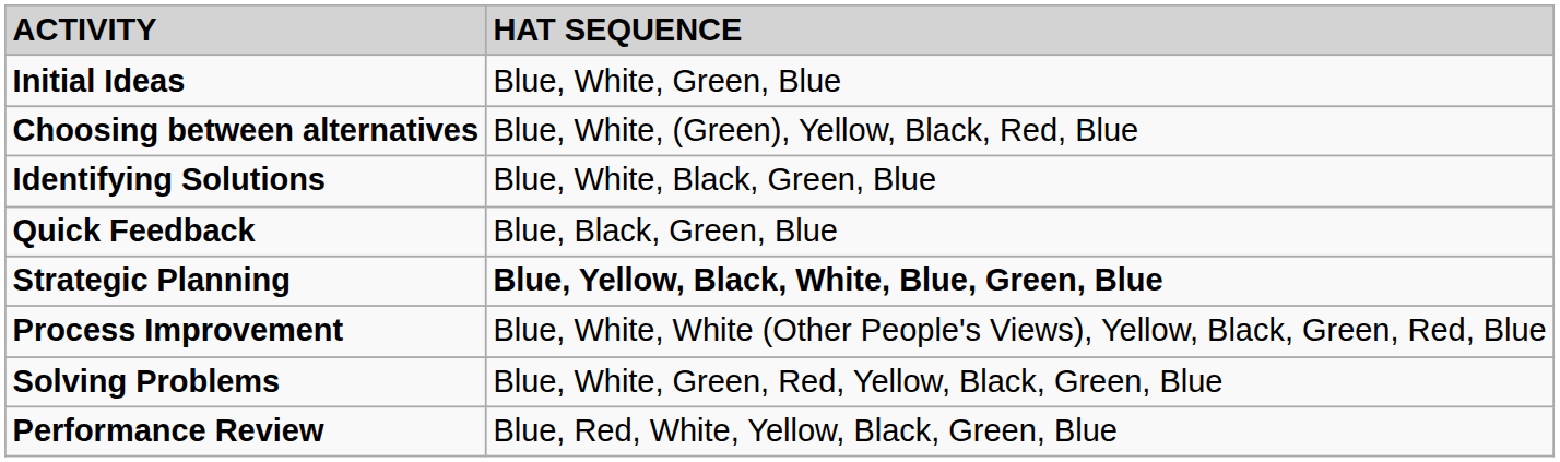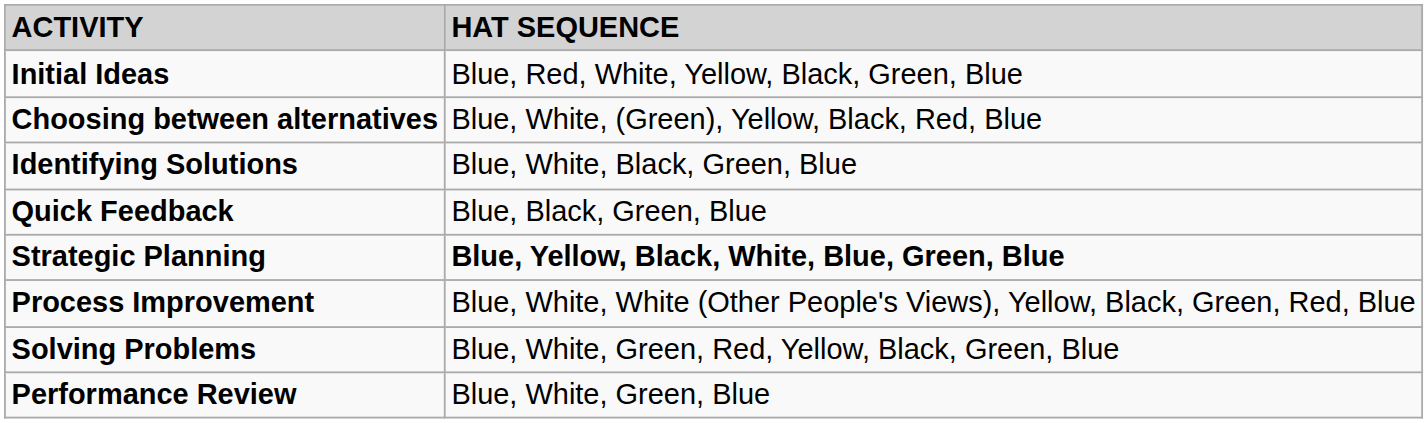 <table class="wikitable">
 <tr>
 <td style="background:lightgrey;"><strong>ACTIVITY</strong></td>
 <td style="background:lightgrey;"><strong>HAT SEQUENCE</strong></td>
 </tr>
 <tr>
 <td><strong>Initial Ideas</strong></td>
-<td>Blue, White, Green, Blue</td>
+<td>Blue, Red, White, Yellow, Black, Green, Blue</td>
 </tr>
 <tr>
 <td><strong>Choosing between alternatives</strong></td>
 <td>Blue, White, (Green), Yellow, Black, Red, Blue</td>
 </tr>
 <tr>
 <td><strong>Identifying Solutions</strong></td>
 <td>Blue, White, Black, Green, Blue</td>
 </tr>
 <tr>
 <td><strong>Quick Feedback</strong></td>
 <td>Blue, Black, Green, Blue</td>
 </tr>
 <tr>
 <td><strong>Strategic Planning</strong></td>
 <td><strong>Blue, Yellow, Black, White, Blue, Green, Blue</strong></td>
 </tr>
 <tr>
 <td><strong>Process Improvement</strong></td>
 <td>Blue, White, White (Other People's Views), Yellow, Black, Green, Red, Blue</td>
 </tr>
 <tr>
 <td><strong>Solving Problems</strong></td>
 <td>Blue, White, Green, Red, Yellow, Black, Green, Blue</td>
 </tr>
 <tr>
 <td><strong>Performance Review</strong></td>
-<td>Blue, Red, White, Yellow, Black, Green, Blue</td>
+<td>Blue, White, Green, Blue</td>
 </tr>
 </table>
